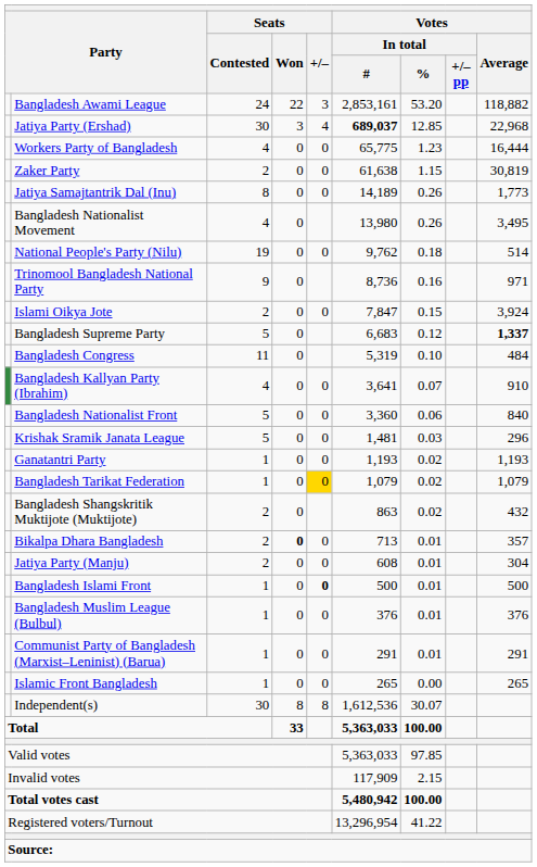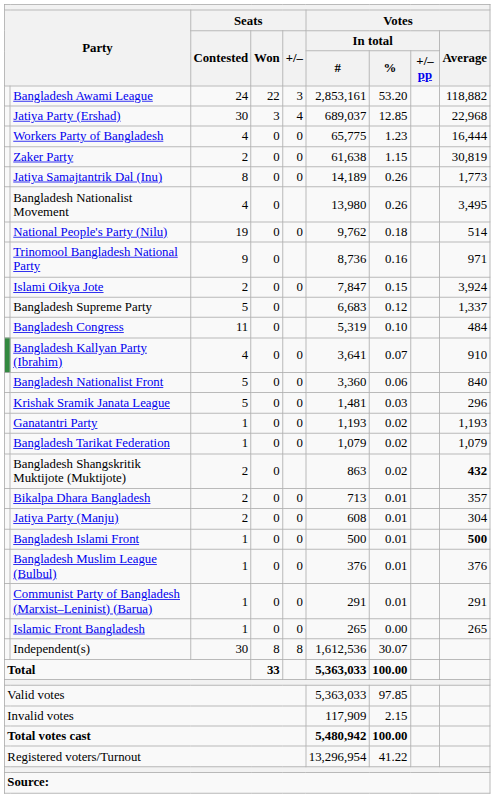 <table class="wikitable sortable">
 <tr>
 <th colspan="9"></th>
 </tr>
 <tr>
 <th colspan="2" rowspan="3">Party</th>
 <th colspan="3">Seats</th>
 <th colspan="4">Votes</th>
 </tr>
 <tr>
 <th rowspan="2">Contested</th>
 <th rowspan="2">Won</th>
 <th rowspan="2">+/–</th>
 <th colspan="3">In total</th>
 <th rowspan="2">Average</th>
 </tr>
 <tr>
 <th>#</th>
 <th>%</th>
 <th>+/–<a href='#'>pp</a></th>
 </tr>
 <tr>
 <td></td>
 <td><a href='#'>Bangladesh Awami League</a></td>
 <td style="text-align:right">24</td>
 <td style="text-align:right">22</td>
 <td style="text-align:right">3</td>
 <td style="text-align:right">2,853,161</td>
 <td style="text-align:right">53.20</td>
 <td style="text-align:right"></td>
 <td style="text-align:right">118,882</td>
 </tr>
 <tr>
 <td></td>
 <td><a href='#'>Jatiya Party (Ershad)</a></td>
 <td style="text-align:right">30</td>
 <td style="text-align:right">3</td>
 <td style="text-align:right">4</td>
-<td style="text-align:right"><strong>689,037</strong></td>
+<td style="text-align:right">689,037</td>
 <td style="text-align:right">12.85</td>
 <td style="text-align:right"></td>
 <td style="text-align:right">22,968</td>
 </tr>
 <tr>
 <td></td>
 <td><a href='#'>Workers Party of Bangladesh</a></td>
 <td style="text-align:right">4</td>
 <td style="text-align:right">0</td>
 <td style="text-align:right">0</td>
 <td style="text-align:right">65,775</td>
 <td style="text-align:right">1.23</td>
 <td style="text-align:right"></td>
 <td style="text-align:right">16,444</td>
 </tr>
 <tr>
 <td></td>
 <td><a href='#'>Zaker Party</a></td>
 <td style="text-align:right">2</td>
 <td style="text-align:right">0</td>
 <td style="text-align:right">0</td>
 <td style="text-align:right">61,638</td>
 <td style="text-align:right">1.15</td>
 <td style="text-align:right"></td>
 <td style="text-align:right">30,819</td>
 </tr>
 <tr>
 <td></td>
 <td><a href='#'>Jatiya Samajtantrik Dal (Inu)</a></td>
 <td style="text-align:right">8</td>
 <td style="text-align:right">0</td>
 <td style="text-align:right">0</td>
 <td style="text-align:right">14,189</td>
 <td style="text-align:right">0.26</td>
 <td style="text-align:right"></td>
 <td style="text-align:right">1,773</td>
 </tr>
 <tr>
 <td></td>
 <td>Bangladesh Nationalist Movement</td>
 <td style="text-align:right">4</td>
 <td style="text-align:right">0</td>
 <td style="text-align:right"></td>
 <td style="text-align:right">13,980</td>
 <td style="text-align:right">0.26</td>
 <td style="text-align:right"></td>
 <td style="text-align:right">3,495</td>
 </tr>
 <tr>
 <td></td>
 <td><a href='#'>National People's Party (Nilu)</a></td>
 <td style="text-align:right">19</td>
 <td style="text-align:right">0</td>
 <td style="text-align:right">0</td>
 <td style="text-align:right">9,762</td>
 <td style="text-align:right">0.18</td>
 <td style="text-align:right"></td>
 <td style="text-align:right">514</td>
 </tr>
 <tr>
 <td></td>
 <td><a href='#'>Trinomool Bangladesh National Party</a></td>
 <td style="text-align:right">9</td>
 <td style="text-align:right">0</td>
 <td style="text-align:right"></td>
 <td style="text-align:right">8,736</td>
 <td style="text-align:right">0.16</td>
 <td style="text-align:right"></td>
 <td style="text-align:right">971</td>
 </tr>
 <tr>
 <td></td>
 <td><a href='#'>Islami Oikya Jote</a></td>
 <td style="text-align:right">2</td>
 <td style="text-align:right">0</td>
 <td style="text-align:right">0</td>
 <td style="text-align:right">7,847</td>
 <td style="text-align:right">0.15</td>
 <td style="text-align:right"></td>
 <td style="text-align:right">3,924</td>
 </tr>
 <tr>
 <td></td>
 <td>Bangladesh Supreme Party</td>
 <td style="text-align:right">5</td>
 <td style="text-align:right">0</td>
 <td style="text-align:right"></td>
 <td style="text-align:right">6,683</td>
 <td style="text-align:right">0.12</td>
 <td style="text-align:right"></td>
-<td style="text-align:right"><strong>1,337</strong></td>
+<td style="text-align:right">1,337</td>
 </tr>
 <tr>
 <td></td>
 <td><a href='#'>Bangladesh Congress</a></td>
 <td style="text-align:right">11</td>
 <td style="text-align:right">0</td>
 <td style="text-align:right"></td>
 <td style="text-align:right">5,319</td>
 <td style="text-align:right">0.10</td>
 <td style="text-align:right"></td>
 <td style="text-align:right">484</td>
 </tr>
 <tr>
 <td style="background:#338940"></td>
 <td><a href='#'>Bangladesh Kallyan Party (Ibrahim)</a></td>
 <td style="text-align:right">4</td>
 <td style="text-align:right">0</td>
 <td style="text-align:right">0</td>
 <td style="text-align:right">3,641</td>
 <td style="text-align:right">0.07</td>
 <td style="text-align:right"></td>
 <td style="text-align:right">910</td>
 </tr>
 <tr>
 <td></td>
 <td><a href='#'>Bangladesh Nationalist Front</a></td>
 <td style="text-align:right">5</td>
 <td style="text-align:right">0</td>
 <td style="text-align:right">0</td>
 <td style="text-align:right">3,360</td>
 <td style="text-align:right">0.06</td>
 <td style="text-align:right"></td>
 <td style="text-align:right">840</td>
 </tr>
 <tr>
 <td></td>
 <td><a href='#'>Krishak Sramik Janata League</a></td>
 <td style="text-align:right">5</td>
 <td style="text-align:right">0</td>
 <td style="text-align:right">0</td>
 <td style="text-align:right">1,481</td>
 <td style="text-align:right">0.03</td>
 <td style="text-align:right"></td>
 <td style="text-align:right">296</td>
 </tr>
 <tr>
 <td></td>
 <td><a href='#'>Ganatantri Party</a></td>
 <td style="text-align:right">1</td>
 <td style="text-align:right">0</td>
 <td style="text-align:right">0</td>
 <td style="text-align:right">1,193</td>
 <td style="text-align:right">0.02</td>
 <td style="text-align:right"></td>
 <td style="text-align:right">1,193</td>
 </tr>
 <tr>
 <td></td>
 <td><a href='#'>Bangladesh Tarikat Federation</a></td>
 <td style="text-align:right">1</td>
 <td style="text-align:right">0</td>
-<td style="background: gold; text-align:right">0</td>
+<td style="text-align:right">0</td>
 <td style="text-align:right">1,079</td>
 <td style="text-align:right">0.02</td>
 <td style="text-align:right"></td>
 <td style="text-align:right">1,079</td>
 </tr>
 <tr>
 <td></td>
 <td>Bangladesh Shangskritik Muktijote (Muktijote)</td>
 <td style="text-align:right">2</td>
 <td style="text-align:right">0</td>
 <td style="text-align:right"></td>
 <td style="text-align:right">863</td>
 <td style="text-align:right">0.02</td>
 <td style="text-align:right"></td>
-<td style="text-align:right">432</td>
+<td style="text-align:right"><strong>432</strong></td>
 </tr>
 <tr>
 <td></td>
 <td><a href='#'>Bikalpa Dhara Bangladesh</a></td>
 <td style="text-align:right">2</td>
-<td style="text-align:right"><strong>0</strong></td>
+<td style="text-align:right">0</td>
 <td style="text-align:right">0</td>
 <td style="text-align:right">713</td>
 <td style="text-align:right">0.01</td>
 <td style="text-align:right"></td>
 <td style="text-align:right">357</td>
 </tr>
 <tr>
 <td></td>
 <td><a href='#'>Jatiya Party (Manju)</a></td>
 <td style="text-align:right">2</td>
 <td style="text-align:right">0</td>
 <td style="text-align:right">0</td>
 <td style="text-align:right">608</td>
 <td style="text-align:right">0.01</td>
 <td style="text-align:right"></td>
 <td style="text-align:right">304</td>
 </tr>
 <tr>
 <td></td>
 <td><a href='#'>Bangladesh Islami Front</a></td>
 <td style="text-align:right">1</td>
 <td style="text-align:right">0</td>
-<td style="text-align:right"><strong>0</strong></td>
+<td style="text-align:right">0</td>
 <td style="text-align:right">500</td>
 <td style="text-align:right">0.01</td>
 <td style="text-align:right"></td>
-<td style="text-align:right">500</td>
+<td style="text-align:right"><strong>500</strong></td>
 </tr>
 <tr>
 <td></td>
 <td><a href='#'>Bangladesh Muslim League (Bulbul)</a></td>
 <td style="text-align:right">1</td>
 <td style="text-align:right">0</td>
 <td style="text-align:right">0</td>
 <td style="text-align:right">376</td>
 <td style="text-align:right">0.01</td>
 <td style="text-align:right"></td>
 <td style="text-align:right">376</td>
 </tr>
 <tr>
 <td></td>
 <td><a href='#'>Communist Party of Bangladesh (Marxist–Leninist) (Barua)</a></td>
 <td style="text-align:right">1</td>
 <td style="text-align:right">0</td>
 <td style="text-align:right">0</td>
 <td style="text-align:right">291</td>
 <td style="text-align:right">0.01</td>
 <td style="text-align:right"></td>
 <td style="text-align:right">291</td>
 </tr>
 <tr>
 <td></td>
 <td><a href='#'>Islamic Front Bangladesh</a></td>
 <td style="text-align:right">1</td>
 <td style="text-align:right">0</td>
 <td style="text-align:right">0</td>
 <td style="text-align:right">265</td>
 <td style="text-align:right">0.00</td>
 <td style="text-align:right"></td>
 <td style="text-align:right">265</td>
 </tr>
 <tr>
 <td></td>
 <td>Independent(s)</td>
 <td style="text-align:right">30</td>
 <td style="text-align:right">8</td>
 <td style="text-align:right">8</td>
 <td style="text-align:right">1,612,536</td>
 <td style="text-align:right">30.07</td>
 <td style="text-align:right"></td>
 <td style="text-align:right"></td>
 </tr>
 <tr>
 <td colspan="3"><strong>Total</strong></td>
 <td style="text-align:right"><strong>33</strong></td>
 <td style="text-align:right"></td>
 <td style="text-align:right"><strong>5,363,033</strong></td>
 <td style="text-align:right"><strong>100.00</strong></td>
 <td style="text-align:right"></td>
 <td style="text-align:right"></td>
 </tr>
 <tr>
 <th colspan="9"></th>
 </tr>
 <tr>
 <td colspan="5">Valid votes</td>
 <td style="text-align:right">5,363,033</td>
 <td style="text-align:right">97.85</td>
 <td></td>
 <td></td>
 </tr>
 <tr>
 <td colspan="5">Invalid votes</td>
 <td style="text-align:right">117,909</td>
 <td style="text-align:right">2.15</td>
 <td></td>
 <td></td>
 </tr>
 <tr>
 <td colspan="5"><strong>Total votes cast</strong></td>
 <td style="text-align:right"><strong>5,480,942</strong></td>
 <td style="text-align:right"><strong>100.00</strong></td>
 <td></td>
 <td></td>
 </tr>
 <tr>
 <td colspan="5">Registered voters/Turnout</td>
 <td style="text-align:right">13,296,954</td>
 <td style="text-align:right">41.22</td>
 <td></td>
 <td></td>
 </tr>
 <tr>
 <th colspan="9"></th>
 </tr>
 <tr>
 <td colspan="9"><strong>Source:</strong> </td>
 </tr>
 </table>
